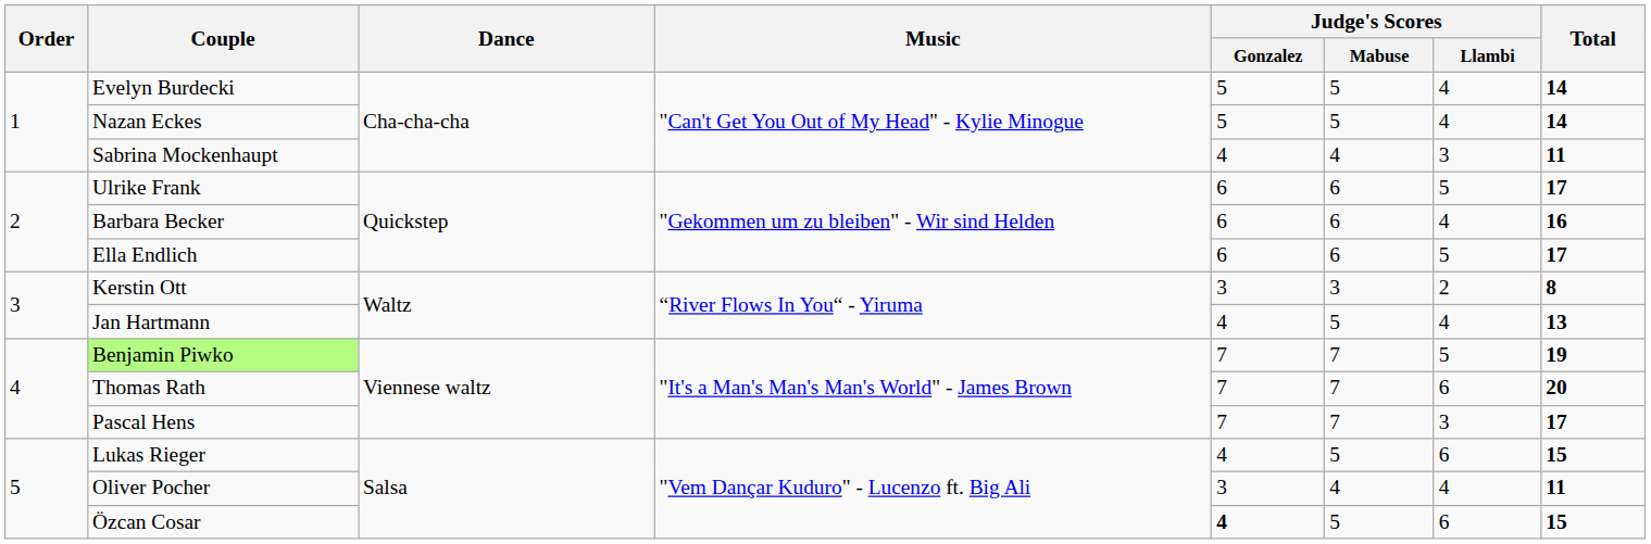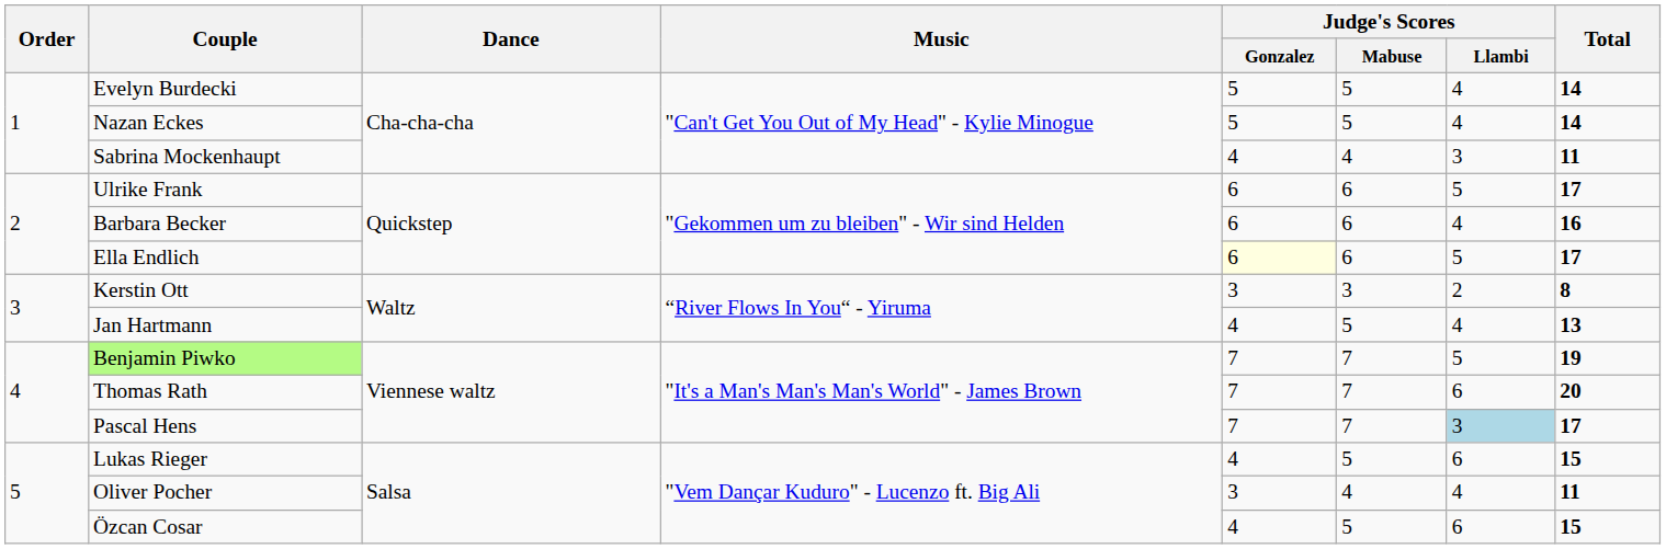 <table class="wikitable sortable center">
 <tr>
 <th rowspan="2" style="width: 4em">Order</th>
 <th rowspan="2" style="width: 17em">Couple</th>
 <th rowspan="2" style="width: 20em">Dance</th>
 <th rowspan="2" style="width: 40em">Music</th>
 <th colspan="3">Judge's Scores</th>
 <th rowspan="2" style="width: 6em">Total</th>
 </tr>
 <tr>
 <th style="width: 6em"><small>Gonzalez</small></th>
 <th style="width: 6em"><small>Mabuse</small></th>
 <th style="width: 6em"><small>Llambi</small></th>
 </tr>
 <tr>
 <td rowspan=3>1</td>
 <td>Evelyn Burdecki</td>
 <td rowspan=3>Cha-cha-cha</td>
 <td rowspan=3>"<a href='#'>Can't Get You Out of My Head</a>" - <a href='#'>Kylie Minogue</a></td>
 <td>5</td>
 <td>5</td>
 <td>4</td>
 <td><strong>14</strong></td>
 </tr>
 <tr>
 <td>Nazan Eckes</td>
 <td>5</td>
 <td>5</td>
 <td>4</td>
 <td><strong>14</strong></td>
 </tr>
 <tr>
 <td>Sabrina Mockenhaupt</td>
 <td>4</td>
 <td>4</td>
 <td>3</td>
 <td><strong>11</strong></td>
 </tr>
 <tr>
 <td rowspan=3>2</td>
 <td>Ulrike Frank</td>
 <td rowspan=3>Quickstep</td>
 <td rowspan=3>"<a href='#'>Gekommen um zu bleiben</a>" - <a href='#'>Wir sind Helden</a></td>
 <td>6</td>
 <td>6</td>
 <td>5</td>
 <td><strong>17</strong></td>
 </tr>
 <tr>
 <td>Barbara Becker</td>
 <td>6</td>
 <td>6</td>
 <td>4</td>
 <td><strong>16</strong></td>
 </tr>
 <tr>
 <td>Ella Endlich</td>
-<td>6</td>
+<td style="background: lightyellow;">6</td>
 <td>6</td>
 <td>5</td>
 <td><strong>17</strong></td>
 </tr>
 <tr>
 <td rowspan=2>3</td>
 <td>Kerstin Ott</td>
 <td rowspan=2>Waltz</td>
 <td rowspan=2>“<a href='#'>River Flows In You</a>“ - <a href='#'>Yiruma</a></td>
 <td>3</td>
 <td>3</td>
 <td>2</td>
 <td><strong>8</strong></td>
 </tr>
 <tr>
 <td>Jan Hartmann</td>
 <td>4</td>
 <td>5</td>
 <td>4</td>
 <td><strong>13</strong></td>
 </tr>
 <tr>
 <td rowspan=3>4</td>
 <td bgcolor=#B4FB84>Benjamin Piwko</td>
 <td rowspan=3>Viennese waltz</td>
 <td rowspan=3>"<a href='#'>It's a Man's Man's Man's World</a>" - <a href='#'>James Brown</a></td>
 <td>7</td>
 <td>7</td>
 <td>5</td>
 <td><strong>19</strong></td>
 </tr>
 <tr>
 <td>Thomas Rath</td>
 <td>7</td>
 <td>7</td>
 <td>6</td>
 <td><strong>20</strong></td>
 </tr>
 <tr>
 <td>Pascal Hens</td>
 <td>7</td>
 <td>7</td>
-<td>3</td>
+<td style="background: lightblue;">3</td>
 <td><strong>17</strong></td>
 </tr>
 <tr>
 <td rowspan=3>5</td>
 <td>Lukas Rieger</td>
 <td rowspan=3>Salsa</td>
 <td rowspan=3>"<a href='#'>Vem Dançar Kuduro</a>" - <a href='#'>Lucenzo</a> ft. <a href='#'>Big Ali</a></td>
 <td>4</td>
 <td>5</td>
 <td>6</td>
 <td><strong>15</strong></td>
 </tr>
 <tr>
 <td>Oliver Pocher</td>
 <td>3</td>
 <td>4</td>
 <td>4</td>
 <td><strong>11</strong></td>
 </tr>
 <tr>
 <td>Özcan Cosar</td>
-<td><strong>4</strong></td>
+<td>4</td>
 <td>5</td>
 <td>6</td>
 <td><strong>15</strong></td>
 </tr>
 </table>
